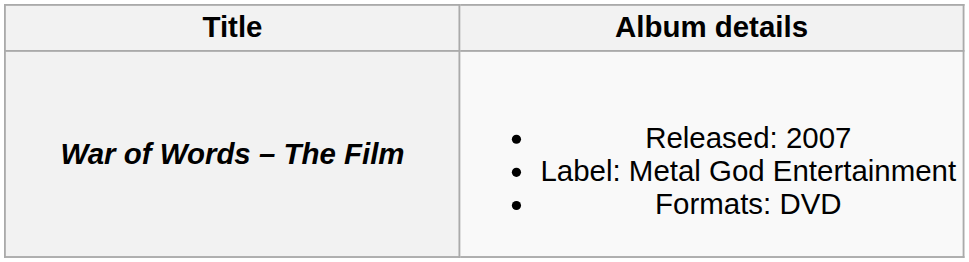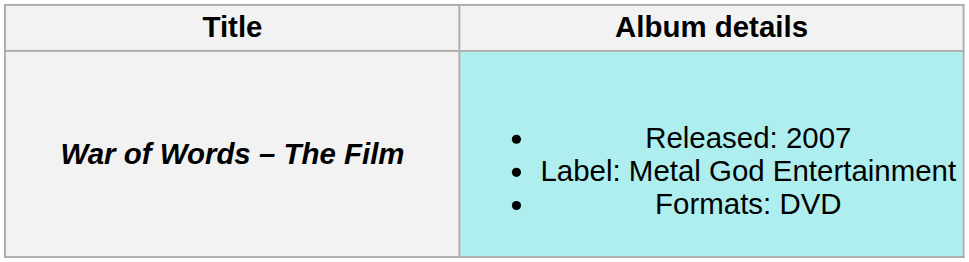 <table class="wikitable plainrowheaders" style="text-align:center;">
 <tr>
 <th scope="col" style="width:15em;">Title</th>
 <th scope="col">Album details</th>
 </tr>
 <tr>
 <th scope="row"><em>War of Words – The Film</em></th>
-<td><br><ul><li>Released: 2007</li><li>Label: Metal God Entertainment</li><li>Formats: DVD</li></ul></td>
+<td style="background: paleturquoise;"><br><ul><li>Released: 2007</li><li>Label: Metal God Entertainment</li><li>Formats: DVD</li></ul></td>
 </tr>
 </table>
